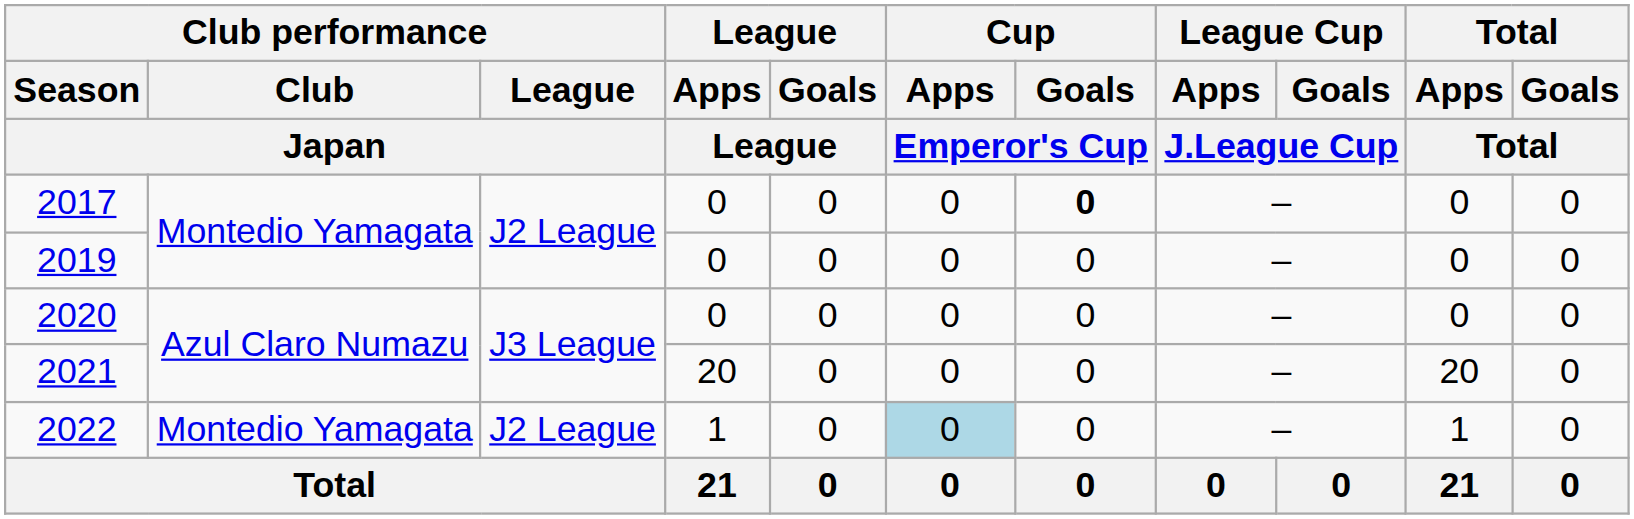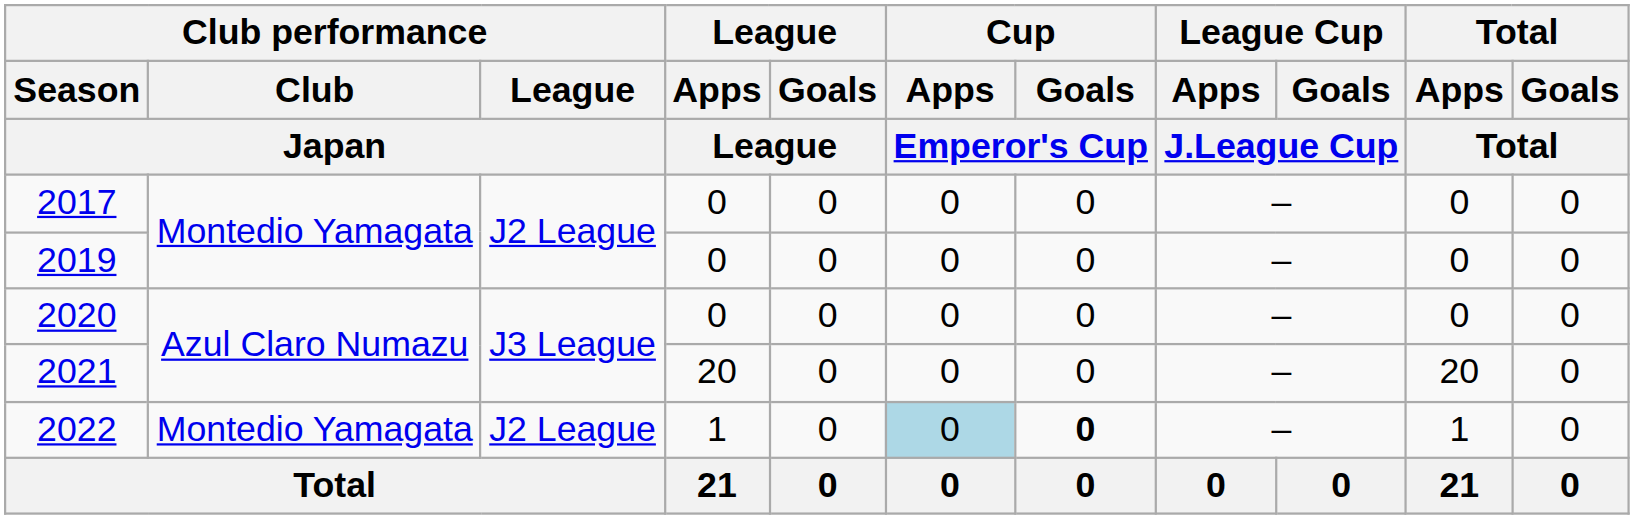 <table class="wikitable" style="text-align:center;">
 <tr>
 <th colspan=3>Club performance</th>
 <th colspan=2>League</th>
 <th colspan=2>Cup</th>
 <th colspan=2>League Cup</th>
 <th colspan=2>Total</th>
 </tr>
 <tr>
 <th>Season</th>
 <th>Club</th>
 <th>League</th>
 <th>Apps</th>
 <th>Goals</th>
 <th>Apps</th>
 <th>Goals</th>
 <th>Apps</th>
 <th>Goals</th>
 <th>Apps</th>
 <th>Goals</th>
 </tr>
 <tr>
 <th colspan=3>Japan</th>
 <th colspan=2>League</th>
 <th colspan=2><a href='#'>Emperor's Cup</a></th>
 <th colspan=2><a href='#'>J.League Cup</a></th>
 <th colspan=2>Total</th>
 </tr>
 <tr>
 <td><a href='#'>2017</a></td>
 <td rowspan="2"><a href='#'>Montedio Yamagata</a></td>
 <td rowspan="2"><a href='#'>J2 League</a></td>
 <td>0</td>
 <td>0</td>
 <td>0</td>
-<td><strong>0</strong></td>
+<td>0</td>
 <td colspan="2">–</td>
 <td>0</td>
 <td>0</td>
 </tr>
 <tr>
 <td><a href='#'>2019</a></td>
 <td>0</td>
 <td>0</td>
 <td>0</td>
 <td>0</td>
 <td colspan="2">–</td>
 <td>0</td>
 <td>0</td>
 </tr>
 <tr>
 <td><a href='#'>2020</a></td>
 <td rowspan="2"><a href='#'>Azul Claro Numazu</a></td>
 <td rowspan="2"><a href='#'>J3 League</a></td>
 <td>0</td>
 <td>0</td>
 <td>0</td>
 <td>0</td>
 <td colspan="2">–</td>
 <td>0</td>
 <td>0</td>
 </tr>
 <tr>
 <td><a href='#'>2021</a></td>
 <td>20</td>
 <td>0</td>
 <td>0</td>
 <td>0</td>
 <td colspan="2">–</td>
 <td>20</td>
 <td>0</td>
 </tr>
 <tr>
 <td><a href='#'>2022</a></td>
 <td><a href='#'>Montedio Yamagata</a></td>
 <td><a href='#'>J2 League</a></td>
 <td>1</td>
 <td>0</td>
 <td style="background: lightblue;">0</td>
-<td>0</td>
+<td><strong>0</strong></td>
 <td colspan="2">–</td>
 <td>1</td>
 <td>0</td>
 </tr>
 <tr>
 <th colspan=3>Total</th>
 <th>21</th>
 <th>0</th>
 <th>0</th>
 <th>0</th>
 <th>0</th>
 <th>0</th>
 <th>21</th>
 <th>0</th>
 </tr>
 </table>
